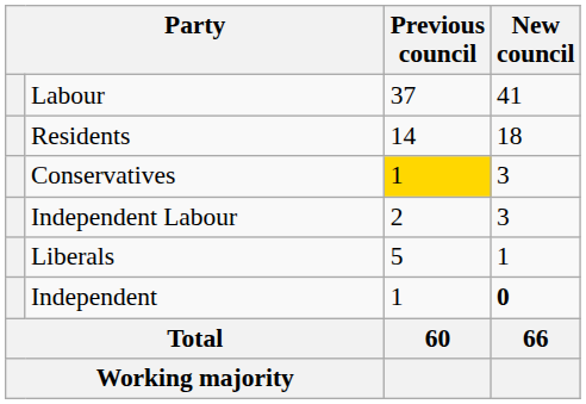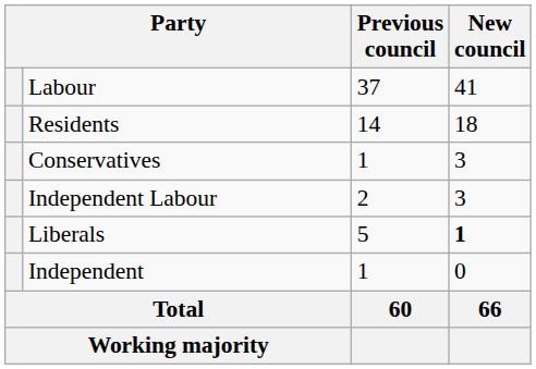 <table class="wikitable">
 <tr>
 <th valign=top colspan="2" style="width: 230px">Party</th>
 <th valign=top style="width: 30px">Previous council</th>
 <th valign=top style="width: 30px">New council</th>
 </tr>
 <tr>
 <th style="background-color: "></th>
 <td>Labour</td>
 <td>37</td>
 <td>41</td>
 </tr>
 <tr>
 <th style="background-color: "></th>
 <td>Residents</td>
 <td>14</td>
 <td>18</td>
 </tr>
 <tr>
 <th style="background-color: "></th>
 <td>Conservatives</td>
-<td style="background: gold;">1</td>
+<td>1</td>
 <td>3</td>
 </tr>
 <tr>
 <th style="background-color: "></th>
 <td>Independent Labour</td>
 <td>2</td>
 <td>3</td>
 </tr>
 <tr>
 <th style="background-color: "></th>
 <td>Liberals</td>
 <td>5</td>
-<td>1</td>
+<td><strong>1</strong></td>
 </tr>
 <tr>
 <th style="background-color: "></th>
 <td>Independent</td>
 <td>1</td>
-<td><strong>0</strong></td>
+<td>0</td>
 </tr>
 <tr>
 <th colspan=2>Total</th>
 <th style="text-align: center">60</th>
 <th colspan=3>66</th>
 </tr>
 <tr>
 <th colspan=2>Working majority</th>
 <th></th>
 <th></th>
 </tr>
 </table>
